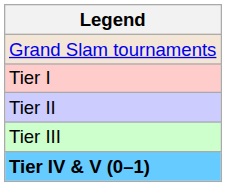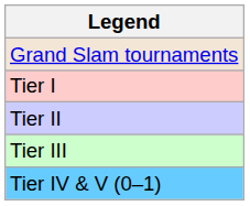 <table class="wikitable" style="font-size:90%;">
 <tr>
 <th>Legend</th>
 </tr>
 <tr>
 <td colspan="2" style="text-align:center; background:#f3e6d7;"><a href='#'>Grand Slam tournaments</a></td>
 </tr>
 <tr>
 <td style="background:#fcc;">Tier I</td>
 </tr>
 <tr>
 <td style="background:#ccf;">Tier II</td>
 </tr>
 <tr>
 <td style="background:#cfc;">Tier III</td>
 </tr>
 <tr>
-<td style="background:#6cf;"><strong>Tier IV & V (0–1)</strong></td>
+<td style="background:#6cf;">Tier IV & V (0–1)</td>
 </tr>
 </table>
